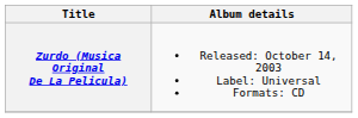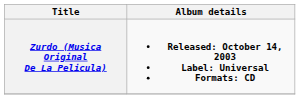 <table class="wikitable plainrowheaders" style="text-align:center;">
 <tr>
 <th scope="col" style="width:13em;">Title</th>
 <th scope="col" style="width:18em;">Album details</th>
 </tr>
 <tr>
 <th scope="row"><em><a href='#'>Zurdo (Musica Original<br>De La Pelicula)</a></em></th>
-<td><br><ul><li>Released: October 14, 2003</li><li>Label: Universal</li><li>Formats: CD</li></ul></td>
+<td><strong><br><ul><li>Released: October 14, 2003</li><li>Label: Universal</li><li>Formats: CD</li></ul></strong></td>
 </tr>
 <tr>
 </tr>
 </table>
